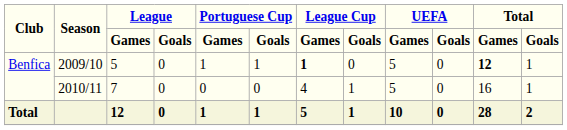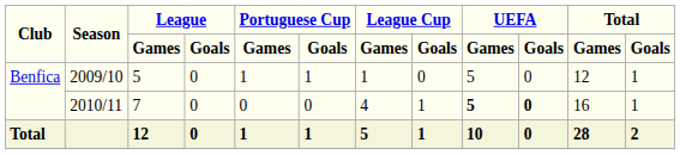 <table border=1 align=center cellpadding=4 cellspacing=2 style="background: ivory; font-size: 95%; border: 1px #aaaaaa solid; border-collapse: collapse; clear:center">
 <tr>
 <th rowspan="2">Club</th>
 <th rowspan="2">Season</th>
 <th colspan="2"><a href='#'>League</a></th>
 <th colspan="2"><a href='#'>Portuguese Cup</a></th>
 <th colspan="2"><a href='#'>League Cup</a></th>
 <th colspan="2"><a href='#'>UEFA</a></th>
 <th colspan="2">Total</th>
 </tr>
 <tr>
 <th>Games</th>
 <th>Goals</th>
 <th>Games</th>
 <th>Goals</th>
 <th>Games</th>
 <th>Goals</th>
 <th>Games</th>
 <th>Goals</th>
 <th>Games</th>
 <th>Goals</th>
 </tr>
 <tr>
 <td rowspan="2" valign=top><a href='#'>Benfica</a></td>
 <td>2009/10</td>
 <td>5</td>
 <td>0</td>
 <td>1</td>
 <td>1</td>
-<td><strong>1</strong></td>
+<td>1</td>
 <td>0</td>
 <td>5</td>
 <td>0</td>
-<td><strong>12</strong></td>
+<td>12</td>
 <td>1</td>
 </tr>
 <tr>
 <td>2010/11</td>
 <td>7</td>
 <td>0</td>
 <td>0</td>
 <td>0</td>
 <td>4</td>
 <td>1</td>
-<td>5</td>
-<td>0</td>
+<td><strong>5</strong></td>
+<td><strong>0</strong></td>
 <td>16</td>
 <td>1</td>
 </tr>
 <tr>
 <th align=left style="background:beige">Total</th>
 <th align=left style="background:beige" colspan="1"></th>
 <th align=left style="background:beige">12</th>
 <th align=left style="background:beige">0</th>
 <th align=left style="background:beige">1</th>
 <th align=left style="background:beige">1</th>
 <th align=left style="background:beige">5</th>
 <th align=left style="background:beige">1</th>
 <th align=left style="background:beige">10</th>
 <th align=left style="background:beige">0</th>
 <th align=left style="background:beige">28</th>
 <th align=left style="background:beige">2</th>
 </tr>
 <tr>
 </tr>
 </table>
